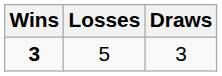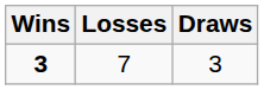 <table class="wikitable">
 <tr>
 <th>Wins</th>
 <th>Losses</th>
 <th>Draws</th>
 </tr>
 <tr>
 <td align=center><strong>3</strong></td>
-<td align=center>5</td>
+<td align=center>7</td>
 <td align=center>3</td>
 </tr>
 </table>
